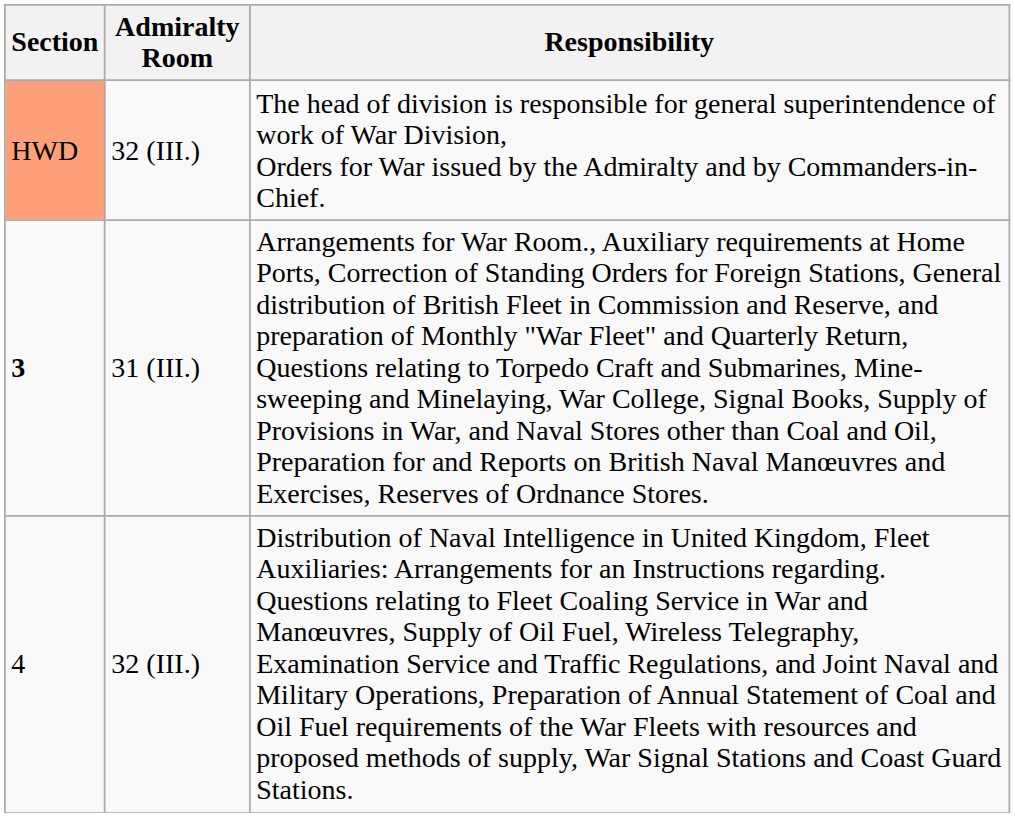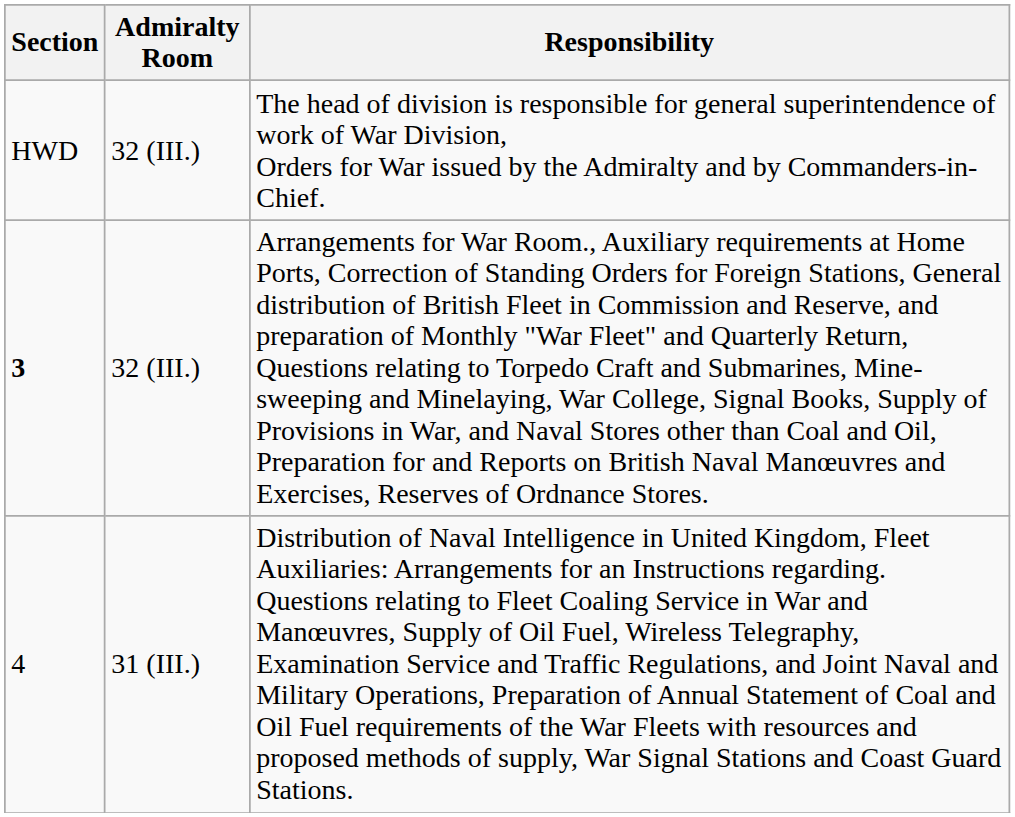 <table class="collapsible wikitable collapsed" style="width: 65%">
 <tr>
 <th>Section</th>
 <th>Admiralty Room</th>
 <th>Responsibility</th>
 </tr>
 <tr>
-<td style="background: lightsalmon;">HWD</td>
+<td>HWD</td>
 <td>32 (III.)</td>
 <td>The head of division is responsible for general superintendence of work of War Division,<br>Orders for War issued by the Admiralty and by Commanders-in-Chief.</td>
 </tr>
 <tr>
 <td><strong>3</strong></td>
-<td>31 (III.)</td>
+<td>32 (III.)</td>
 <td>Arrangements for War Room., Auxiliary requirements at Home Ports, Correction of Standing Orders for Foreign Stations, General distribution of British Fleet in Commission and Reserve, and preparation of Monthly "War Fleet" and Quarterly Return, Questions relating to Torpedo Craft and Submarines, Mine-sweeping and Minelaying, War College, Signal Books, Supply of Provisions in War, and Naval Stores other than Coal and Oil, Preparation for and Reports on British Naval Manœuvres and Exercises, Reserves of Ordnance Stores.</td>
 </tr>
 <tr>
 <td>4</td>
-<td>32 (III.)</td>
+<td>31 (III.)</td>
 <td>Distribution of Naval Intelligence in United Kingdom, Fleet Auxiliaries: Arrangements for an Instructions regarding.<br>Questions relating to Fleet Coaling Service in War and Manœuvres, Supply of Oil Fuel, Wireless Telegraphy, Examination Service and Traffic Regulations, and Joint Naval and Military Operations, Preparation of Annual Statement of Coal and Oil Fuel requirements of the War Fleets with resources and proposed methods of supply, War Signal Stations and Coast Guard Stations.</td>
 </tr>
 <tr>
 </tr>
 </table>
